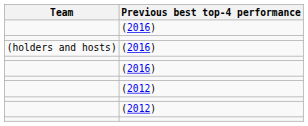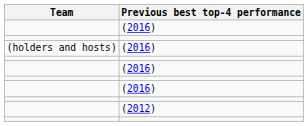 <table class="wikitable sortable">
 <tr>
 <th>Team</th>
 <th>Previous best top-4 performance</th>
 </tr>
 <tr>
 <td></td>
 <td> (<a href='#'>2016</a>)</td>
 </tr>
 <tr>
 <td></td>
 <td></td>
 </tr>
 <tr>
 <td> (holders and hosts)</td>
 <td> (<a href='#'>2016</a>)</td>
 </tr>
 <tr>
 <td></td>
 <td></td>
 </tr>
 <tr>
 <td></td>
 <td> (<a href='#'>2016</a>)</td>
 </tr>
 <tr>
 <td></td>
 <td></td>
 </tr>
 <tr>
 <td></td>
-<td> (<a href='#'>2012</a>)</td>
+<td> (<a href='#'>2016</a>)</td>
 </tr>
 <tr>
 <td></td>
 <td></td>
 </tr>
 <tr>
 <td></td>
 <td> (<a href='#'>2012</a>)</td>
 </tr>
 <tr>
 <td></td>
 <td></td>
 </tr>
 </table>
